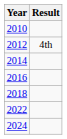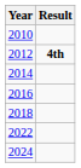 <table class="wikitable" style="text-align:center">
 <tr>
 <th>Year</th>
 <th>Result</th>
 </tr>
 <tr>
 <td><a href='#'>2010</a></td>
 <td></td>
 </tr>
 <tr>
 <td><a href='#'>2012</a></td>
-<td>4th</td>
+<td><strong>4th</strong></td>
 </tr>
 <tr>
 <td><a href='#'>2014</a></td>
 <td></td>
 </tr>
 <tr>
 <td><a href='#'>2016</a></td>
 <td></td>
 </tr>
 <tr>
 <td><a href='#'>2018</a></td>
 <td></td>
 </tr>
 <tr>
 <td><a href='#'>2022</a></td>
 <td></td>
 </tr>
 <tr>
 <td><a href='#'>2024</a></td>
 <td></td>
 </tr>
 </table>
